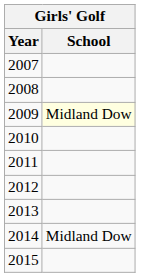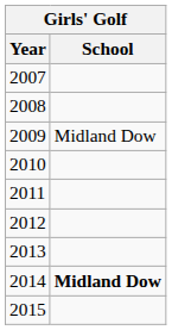 <table class="wikitable collapsible">
 <tr>
 <th colspan=2>Girls' Golf</th>
 </tr>
 <tr>
 <th>Year</th>
 <th>School</th>
 </tr>
 <tr>
 <td>2007</td>
 <td></td>
 </tr>
 <tr>
 <td>2008</td>
 <td></td>
 </tr>
 <tr>
 <td>2009</td>
-<td style="background: lightyellow;">Midland Dow</td>
+<td>Midland Dow</td>
 </tr>
 <tr>
 <td>2010</td>
 <td></td>
 </tr>
 <tr>
 <td>2011</td>
 <td></td>
 </tr>
 <tr>
 <td>2012</td>
 <td></td>
 </tr>
 <tr>
 <td>2013</td>
 <td></td>
 </tr>
 <tr>
 <td>2014</td>
-<td>Midland Dow</td>
+<td><strong>Midland Dow</strong></td>
 </tr>
 <tr>
 <td>2015</td>
 <td></td>
 </tr>
 </table>
